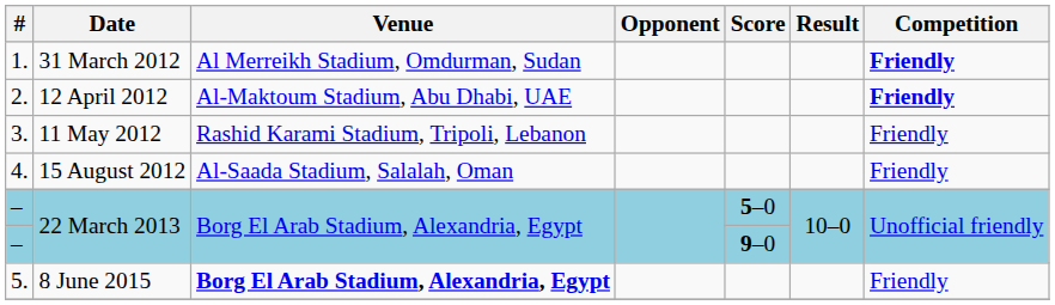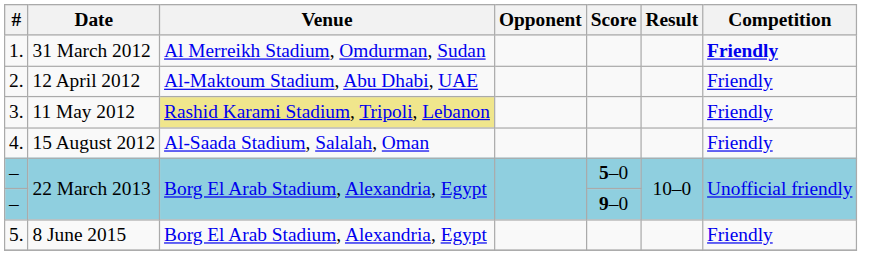 <table class="wikitable" style="font-size:100%; text-align: left;">
 <tr bgcolor="#CCCCCC" align="center">
 <th>#</th>
 <th>Date</th>
 <th>Venue</th>
 <th>Opponent</th>
 <th>Score</th>
 <th>Result</th>
 <th>Competition</th>
 </tr>
 <tr>
 <td>1.</td>
 <td>31 March 2012</td>
 <td><a href='#'>Al Merreikh Stadium</a>, <a href='#'>Omdurman</a>, <a href='#'>Sudan</a></td>
 <td></td>
 <td></td>
 <td></td>
 <td><strong><a href='#'>Friendly</a></strong></td>
 </tr>
 <tr>
 <td>2.</td>
 <td>12 April 2012</td>
 <td><a href='#'>Al-Maktoum Stadium</a>, <a href='#'>Abu Dhabi</a>, <a href='#'>UAE</a></td>
 <td></td>
 <td></td>
 <td></td>
-<td><strong><a href='#'>Friendly</a></strong></td>
+<td><a href='#'>Friendly</a></td>
 </tr>
 <tr>
 <td>3.</td>
 <td>11 May 2012</td>
-<td><a href='#'>Rashid Karami Stadium</a>, <a href='#'>Tripoli</a>, <a href='#'>Lebanon</a></td>
+<td style="background: khaki;"><a href='#'>Rashid Karami Stadium</a>, <a href='#'>Tripoli</a>, <a href='#'>Lebanon</a></td>
 <td></td>
 <td></td>
 <td></td>
 <td><a href='#'>Friendly</a></td>
 </tr>
 <tr>
 <td>4.</td>
 <td>15 August 2012</td>
 <td><a href='#'>Al-Saada Stadium</a>, <a href='#'>Salalah</a>, <a href='#'>Oman</a></td>
 <td></td>
 <td></td>
 <td></td>
 <td><a href='#'>Friendly</a></td>
 </tr>
 <tr style="background:#8fcfdf;">
 <td>–</td>
 <td rowspan=2>22 March 2013</td>
 <td rowspan=2><a href='#'>Borg El Arab Stadium</a>, <a href='#'>Alexandria</a>, <a href='#'>Egypt</a></td>
 <td rowspan=2></td>
 <td align=center><strong>5</strong>–0</td>
 <td rowspan="2" style="text-align:center;">10–0</td>
 <td rowspan=2><a href='#'>Unofficial friendly</a></td>
 </tr>
 <tr style="background:#8fcfdf;">
 <td>–</td>
 <td align=center><strong>9</strong>–0</td>
 </tr>
 <tr>
 <td>5.</td>
 <td>8 June 2015</td>
-<td><strong><a href='#'>Borg El Arab Stadium</a>, <a href='#'>Alexandria</a>, <a href='#'>Egypt</a></strong></td>
+<td><a href='#'>Borg El Arab Stadium</a>, <a href='#'>Alexandria</a>, <a href='#'>Egypt</a></td>
 <td></td>
 <td></td>
 <td></td>
 <td><a href='#'>Friendly</a></td>
 </tr>
 <tr>
 </tr>
 </table>
